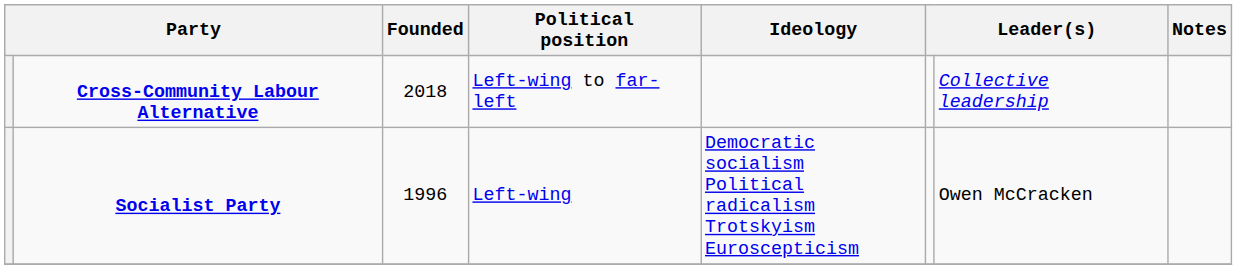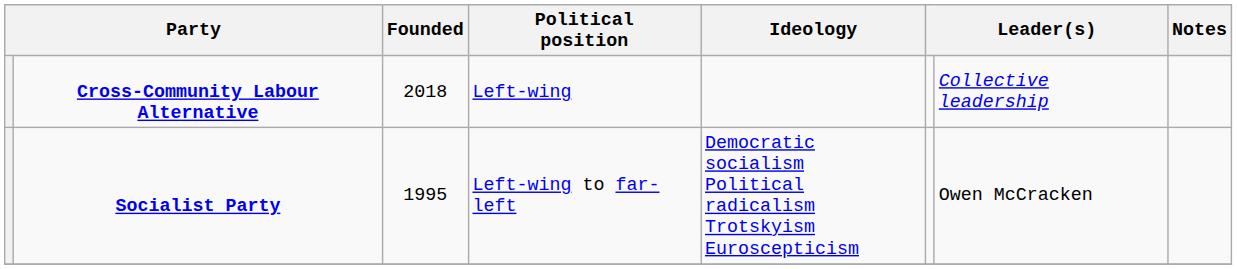 <table class ="wikitable sortable">
 <tr style="background:#ccc;">
 <th colspan="2" scope="col" class="unsortable"  style="width:20px;">Party</th>
 <th>Founded</th>
 <th scope="col" class="unsortable">Political<br>position</th>
 <th scope="col" class="unsortable">Ideology</th>
 <th colspan="2" class="unsortable">Leader(s)</th>
 <th>Notes</th>
 </tr>
 <tr>
 <th style="background-color: "></th>
 <td align=center><br> <strong><a href='#'>Cross-Community Labour Alternative</a></strong></td>
 <td align=center>2018</td>
-<td><a href='#'>Left-wing</a> to <a href='#'>far-left</a></td>
+<td><a href='#'>Left-wing</a></td>
 <td> <br><br></td>
 <td></td>
 <td><em><a href='#'>Collective leadership</a></em></td>
 <td></td>
 </tr>
 <tr>
 <th style="background-color: "></th>
 <td align=center><br> <strong><a href='#'>Socialist Party</a></strong></td>
-<td align=center>1996</td>
-<td><a href='#'>Left-wing</a></td>
+<td align=center>1995</td>
+<td><a href='#'>Left-wing</a> to <a href='#'>far-left</a></td>
 <td><a href='#'>Democratic socialism</a><br><a href='#'>Political radicalism</a><br><a href='#'>Trotskyism</a><br><a href='#'>Euroscepticism</a></td>
 <td></td>
 <td>Owen McCracken</td>
 <td></td>
 </tr>
 <tr>
 </tr>
 </table>
